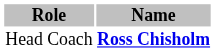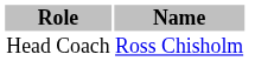 <table class="toccolours">
 <tr>
 <th style="background:silver;">Role</th>
 <th style="background:silver;">Name</th>
 </tr>
 <tr>
 <td>Head Coach</td>
-<td><strong> <a href='#'>Ross Chisholm</a></strong></td>
+<td> <a href='#'>Ross Chisholm</a></td>
 </tr>
 </table>
